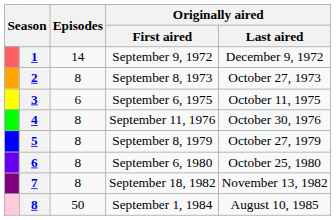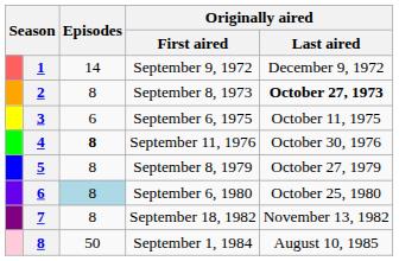 <table class="wikitable plainrowheaders" style="text-align:center;">
 <tr>
 <th colspan="2" rowspan="2">Season</th>
 <th rowspan="2">Episodes</th>
 <th colspan="2">Originally aired</th>
 </tr>
 <tr>
 <th>First aired</th>
 <th>Last aired</th>
 </tr>
 <tr>
 <td style="background-color: #FF5F5F"></td>
 <th><a href='#'>1</a></th>
 <td>14</td>
 <td>September 9, 1972</td>
 <td>December 9, 1972</td>
 </tr>
 <tr>
 <td style="background-color: #FFA500"></td>
 <th><a href='#'>2</a></th>
 <td>8</td>
 <td>September 8, 1973</td>
-<td>October 27, 1973</td>
+<td><strong>October 27, 1973</strong></td>
 </tr>
 <tr>
 <td style="background-color: #FFFF00"></td>
 <th><a href='#'>3</a></th>
 <td>6</td>
 <td>September 6, 1975</td>
 <td>October 11, 1975</td>
 </tr>
 <tr>
 <td style="background-color: #00FF00"></td>
 <th><a href='#'>4</a></th>
-<td>8</td>
+<td><strong>8</strong></td>
 <td>September 11, 1976</td>
 <td>October 30, 1976</td>
 </tr>
 <tr>
 <td style="background-color: #0000FF"></td>
 <th><a href='#'>5</a></th>
 <td>8</td>
 <td>September 8, 1979</td>
 <td>October 27, 1979</td>
 </tr>
 <tr>
 <td style="background-color: #6700EE"></td>
 <th><a href='#'>6</a></th>
-<td>8</td>
+<td style="background: lightblue;">8</td>
 <td>September 6, 1980</td>
 <td>October 25, 1980</td>
 </tr>
 <tr>
 <td style="background-color: #800080"></td>
 <th><a href='#'>7</a></th>
 <td>8</td>
 <td>September 18, 1982</td>
 <td>November 13, 1982</td>
 </tr>
 <tr>
 <td style="background-color: #FFCBDB"></td>
 <th><a href='#'>8</a></th>
 <td>50</td>
 <td>September 1, 1984</td>
 <td>August 10, 1985</td>
 </tr>
 </table>
